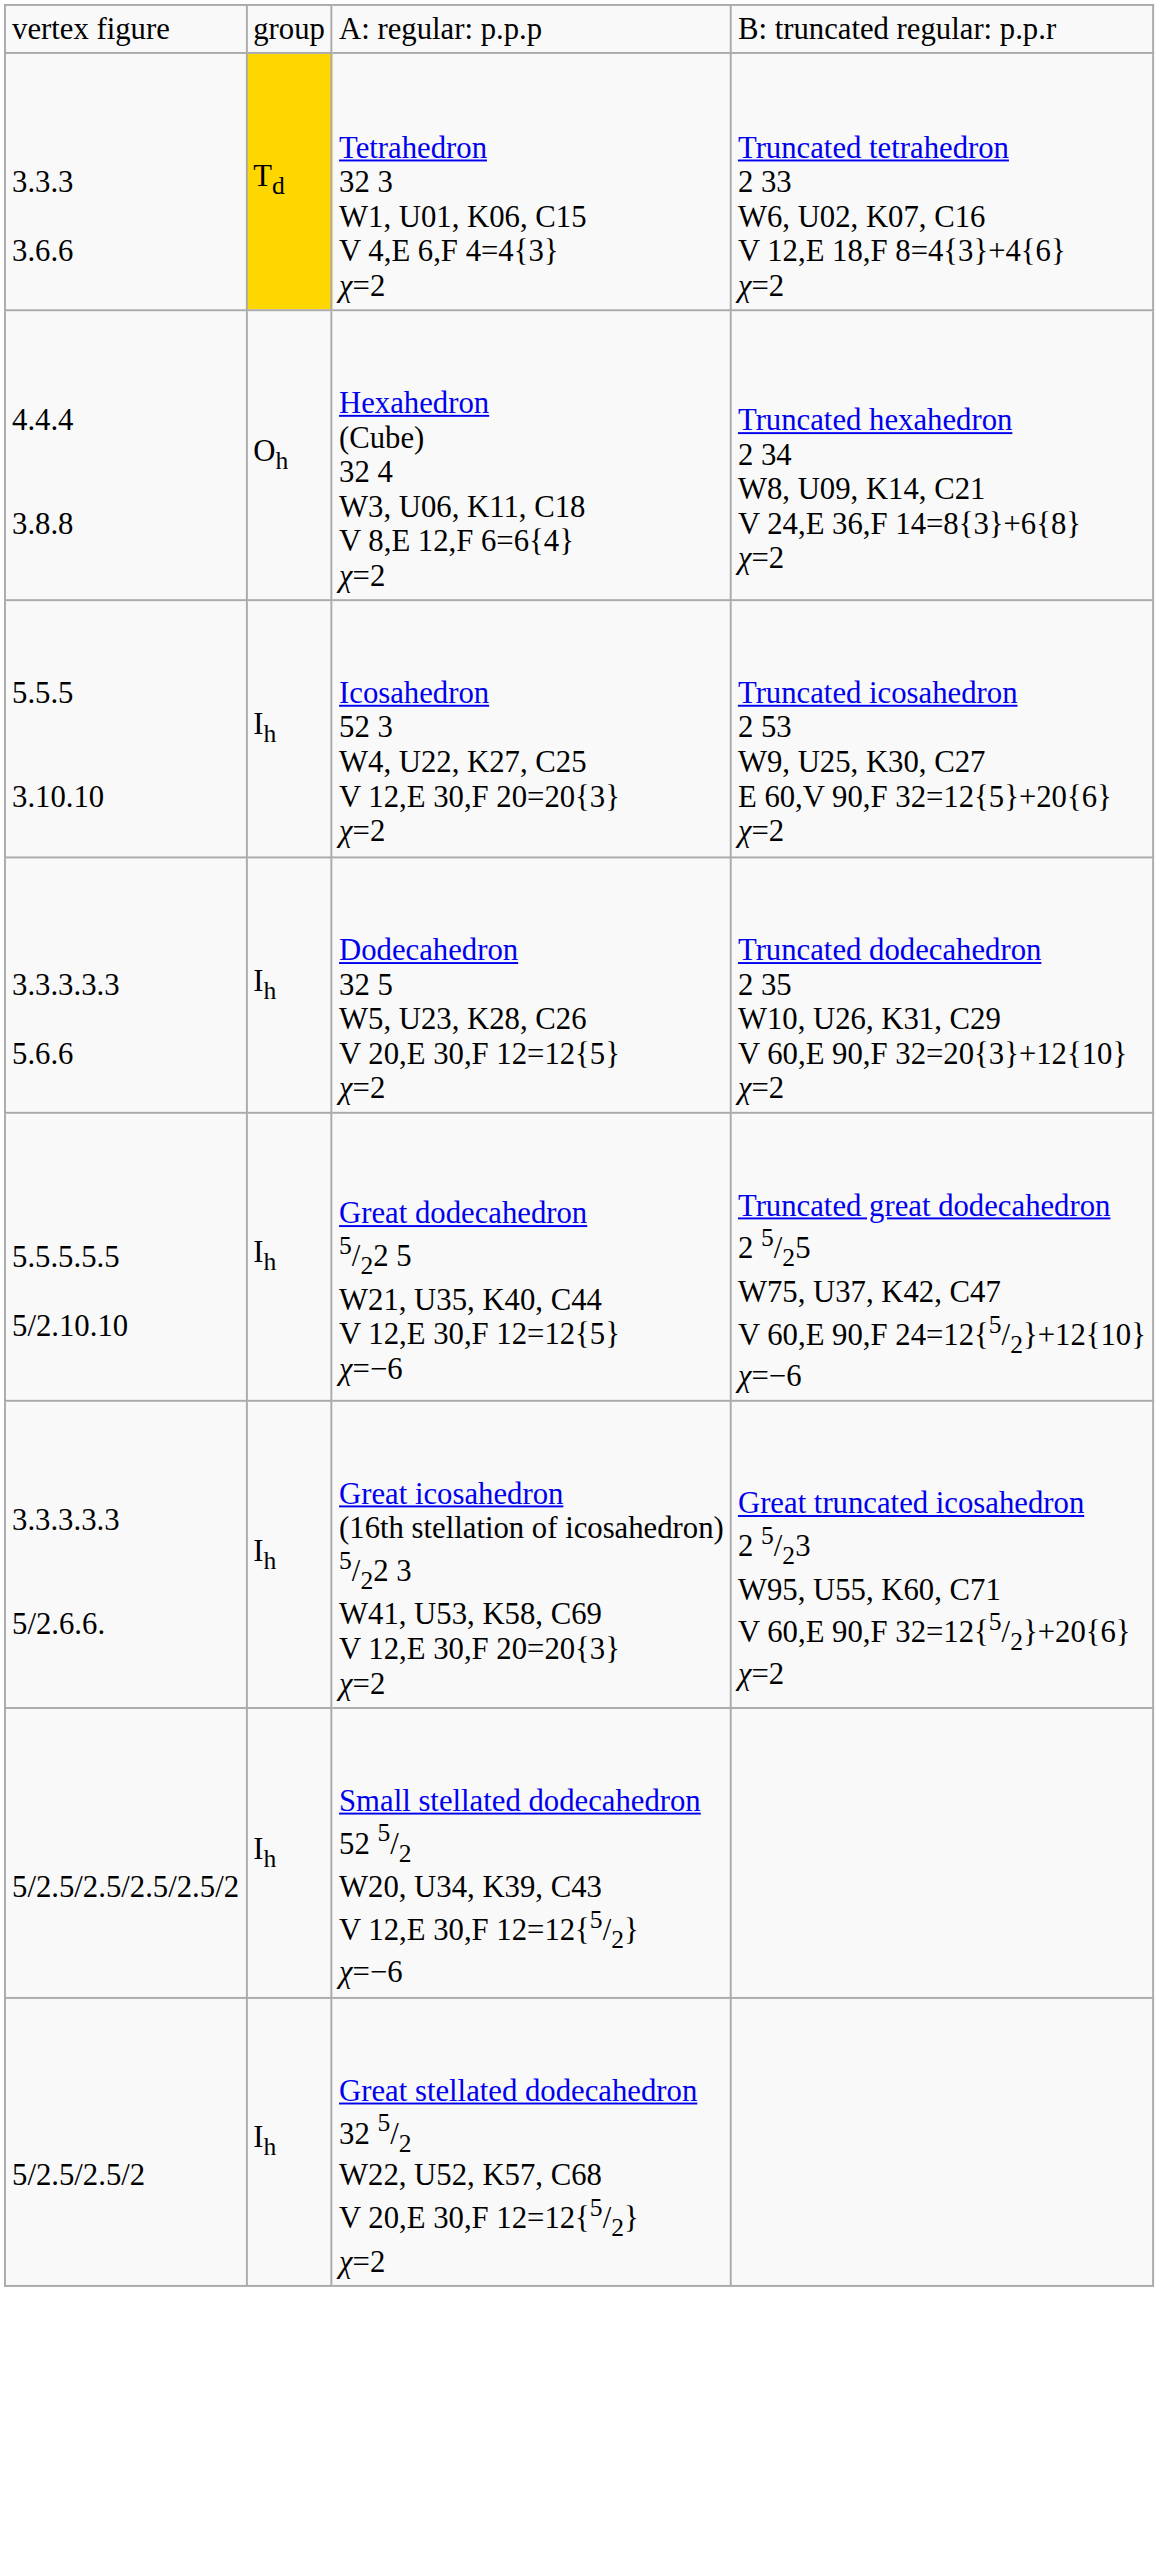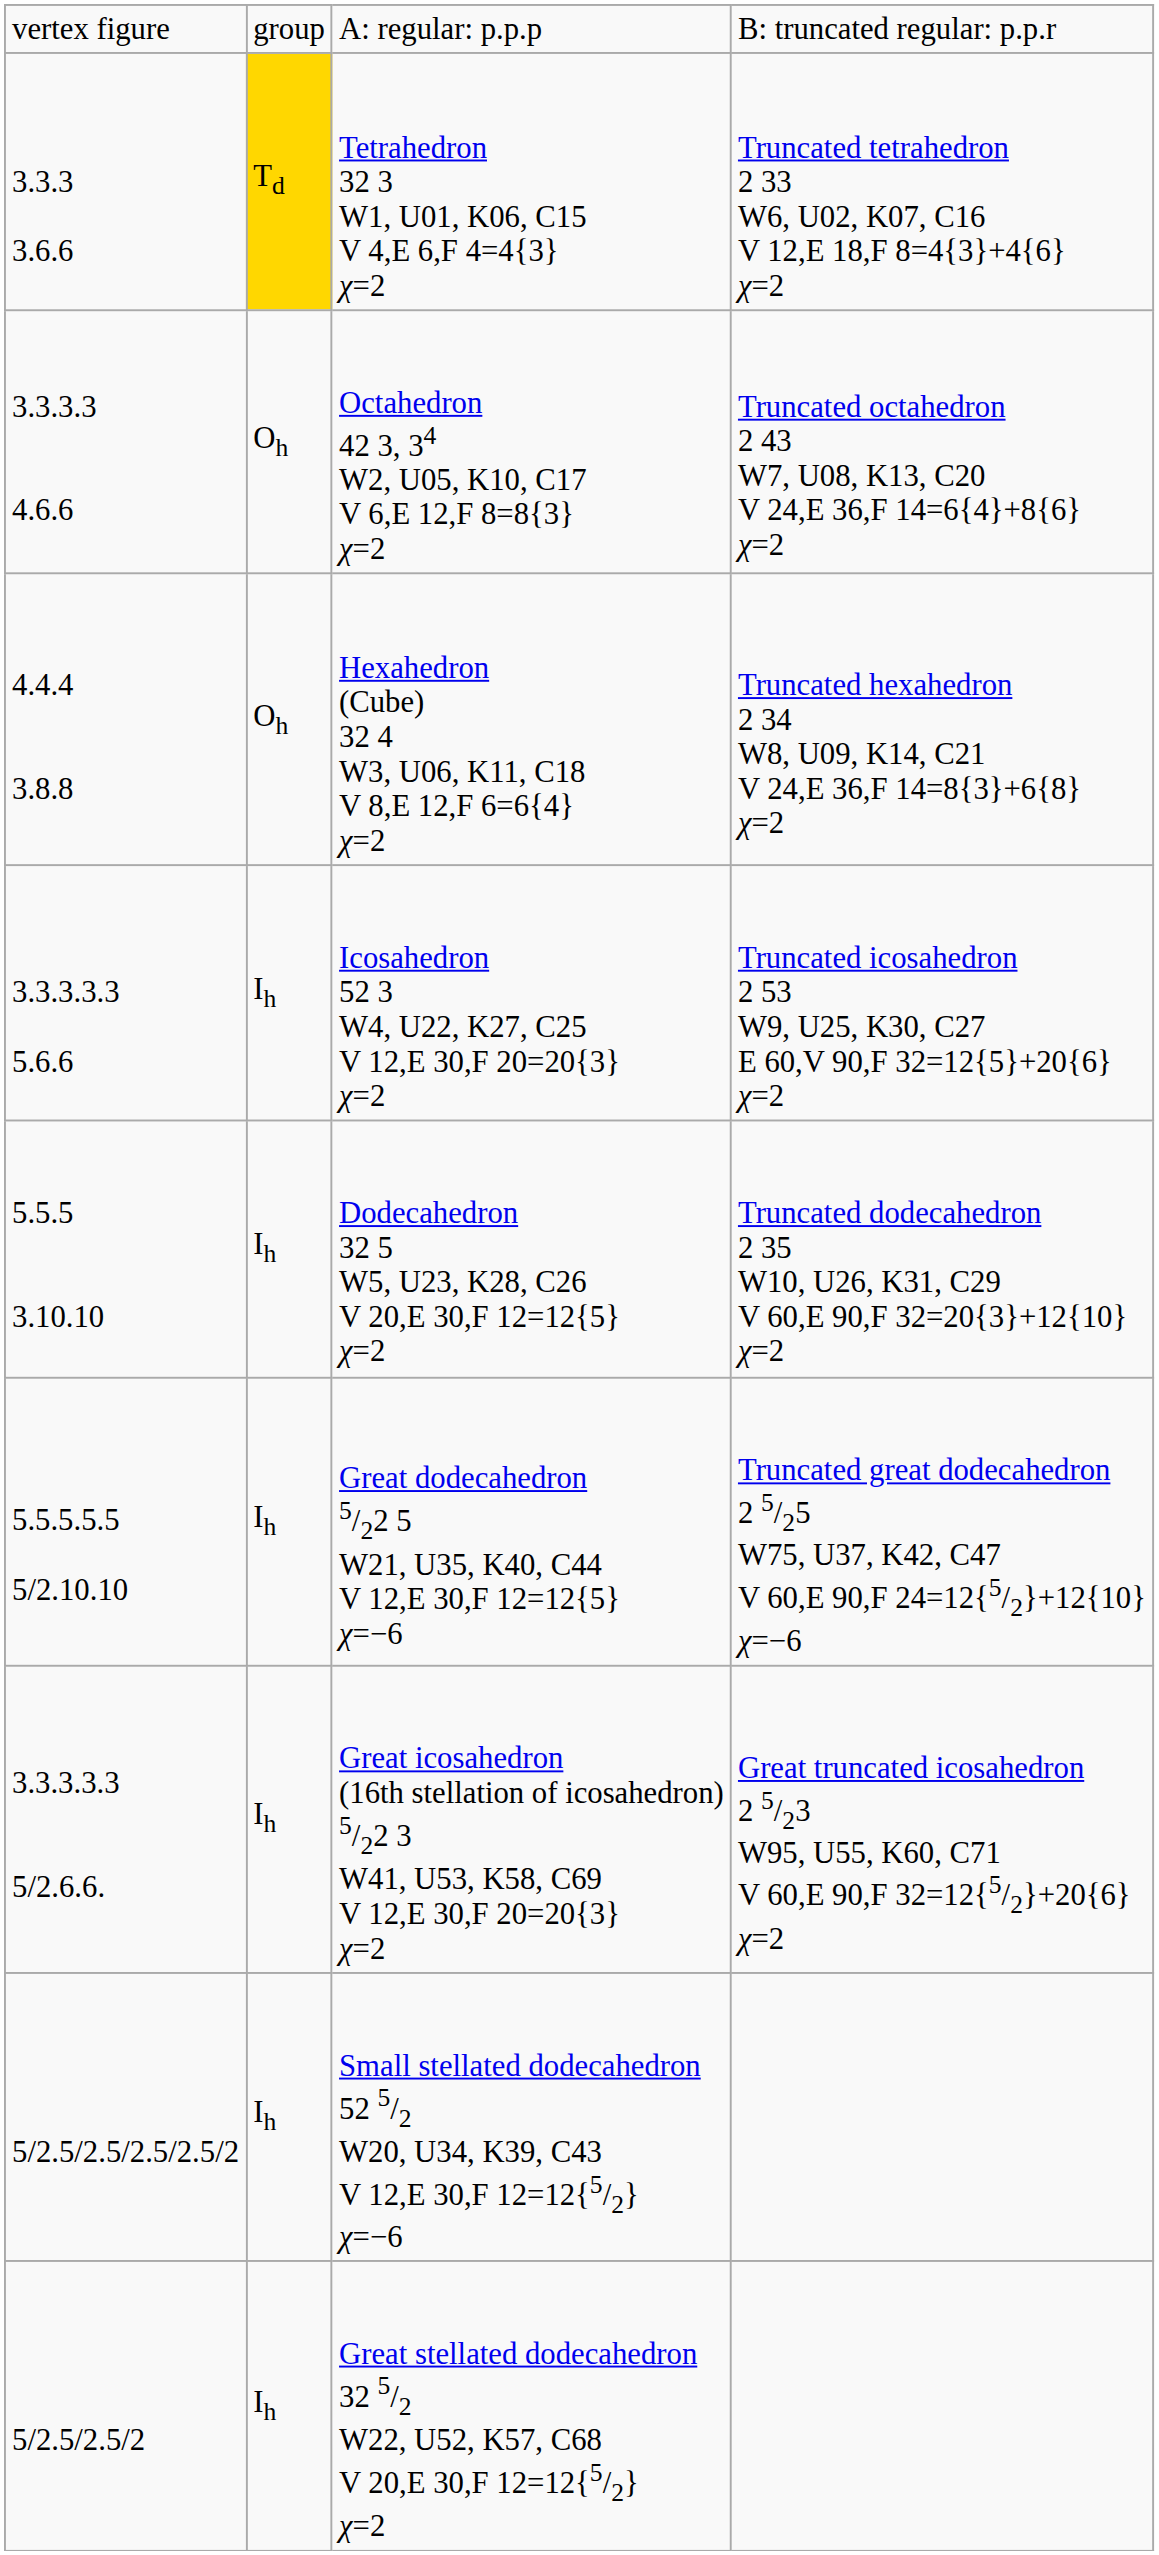 <table class="wikitable">
 <tr>
 <td>vertex figure</td>
 <td>group</td>
 <td>A: regular: p.p.p</td>
 <td>B: truncated regular: p.p.r</td>
 </tr>
 <tr>
 <td><br><br>3.3.3<br> <br>3.6.6</td>
 <td style="background: gold;">T<sub>d</sub></td>
 <td><br><br> <a href='#'>Tetrahedron</a><br> 32 3<br> W1, U01, K06, C15<br> V 4,E 6,F 4=4{3} <br><em>χ</em>=2</td>
 <td><br><br> <a href='#'>Truncated tetrahedron</a><br> 2 33<br> W6, U02, K07, C16<br> V 12,E 18,F 8=4{3}+4{6} <br><em>χ</em>=2</td>
 </tr>
 <tr>
+<td><br>3.3.3.3<br><br><br>4.6.6</td>
+<td>O<sub>h</sub></td>
+<td><br><br> <a href='#'>Octahedron</a><br> 42 3, 3<sup>4</sup><br> W2, U05, K10, C17<br> V 6,E 12,F 8=8{3} <br><em>χ</em>=2</td>
+<td><br><br> <a href='#'>Truncated octahedron</a><br> 2 43<br> W7, U08, K13, C20<br> V 24,E 36,F 14=6{4}+8{6} <br><em>χ</em>=2</td>
+</tr>
+<tr>
 <td><br>4.4.4<br><br><br>3.8.8<br></td>
 <td>O<sub>h</sub></td>
 <td><br><br> <a href='#'>Hexahedron</a> <br> (Cube) <br> 32 4<br> W3, U06, K11, C18<br> V 8,E 12,F 6=6{4} <br><em>χ</em>=2</td>
 <td><br><br> <a href='#'>Truncated hexahedron</a><br> 2 34<br> W8, U09, K14, C21<br> V 24,E 36,F 14=8{3}+6{8} <br><em>χ</em>=2</td>
 </tr>
 <tr>
-<td><br>5.5.5<br><br><br>3.10.10</td>
+<td><br><br>3.3.3.3.3<br> <br>5.6.6</td>
 <td>I<sub>h</sub></td>
 <td><br><br> <a href='#'>Icosahedron</a><br> 52 3<br> W4, U22, K27, C25<br> V 12,E 30,F 20=20{3} <br><em>χ</em>=2</td>
 <td><br><br> <a href='#'>Truncated icosahedron</a><br> 2 53<br> W9, U25, K30, C27<br> E 60,V 90,F 32=12{5}+20{6} <br><em>χ</em>=2</td>
 </tr>
 <tr>
-<td><br><br>3.3.3.3.3<br> <br>5.6.6</td>
+<td><br>5.5.5<br><br><br>3.10.10</td>
 <td>I<sub>h</sub></td>
 <td><br><br> <a href='#'>Dodecahedron</a><br> 32 5<br> W5, U23, K28, C26<br> V 20,E 30,F 12=12{5} <br><em>χ</em>=2</td>
 <td><br><br> <a href='#'>Truncated dodecahedron</a><br> 2 35<br> W10, U26, K31, C29<br> V 60,E 90,F 32=20{3}+12{10} <br><em>χ</em>=2</td>
 </tr>
 <tr>
 <td><br><br>5.5.5.5.5<br> <br>5/2.10.10</td>
 <td>I<sub>h</sub></td>
 <td><br><br> <a href='#'>Great dodecahedron</a><br> <sup>5</sup>/<sub>2</sub>2 5<br> W21, U35, K40, C44<br> V 12,E 30,F 12=12{5} <br><em>χ</em>=−6</td>
 <td><br><br> <a href='#'>Truncated great dodecahedron</a><br> 2 <sup>5</sup>/<sub>2</sub>5<br> W75, U37, K42, C47<br> V 60,E 90,F 24=12{<sup>5</sup>/<sub>2</sub>}+12{10} <br><em>χ</em>=−6</td>
 </tr>
 <tr>
 <td><br>3.3.3.3.3<br><br><br>5/2.6.6.</td>
 <td>I<sub>h</sub></td>
 <td><br><br> <a href='#'>Great icosahedron</a><br> (16th stellation of icosahedron)<br> <sup>5</sup>/<sub>2</sub>2 3<br> W41, U53, K58, C69<br> V 12,E 30,F 20=20{3} <br><em>χ</em>=2</td>
 <td><br><br> <a href='#'>Great truncated icosahedron</a><br> 2 <sup>5</sup>/<sub>2</sub>3<br> W95, U55, K60, C71<br> V 60,E 90,F 32=12{<sup>5</sup>/<sub>2</sub>}+20{6} <br><em>χ</em>=2</td>
 </tr>
 <tr>
 <td><br><br>5/2.5/2.5/2.5/2.5/2<br></td>
 <td>I<sub>h</sub></td>
 <td><br><br> <a href='#'>Small stellated dodecahedron</a><br> 52 <sup>5</sup>/<sub>2</sub><br> W20, U34, K39, C43<br> V 12,E 30,F 12=12{<sup>5</sup>/<sub>2</sub>} <br><em>χ</em>=−6</td>
 <td></td>
 </tr>
 <tr>
 <td><br><br>5/2.5/2.5/2<br></td>
 <td>I<sub>h</sub></td>
 <td><br><br> <a href='#'>Great stellated dodecahedron</a><br> 32 <sup>5</sup>/<sub>2</sub><br> W22, U52, K57, C68<br> V 20,E 30,F 12=12{<sup>5</sup>/<sub>2</sub>} <br><em>χ</em>=2</td>
 </tr>
 </table>
